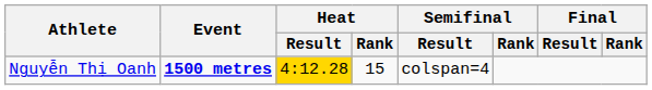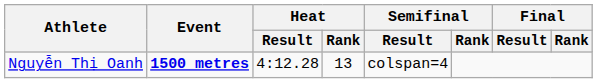 <table class="wikitable" style="font-size:90%">
 <tr>
 <th rowspan="2">Athlete</th>
 <th rowspan="2">Event</th>
 <th colspan="2">Heat</th>
 <th colspan="2">Semifinal</th>
 <th colspan="2">Final</th>
 </tr>
 <tr style="font-size:95%">
 <th>Result</th>
 <th>Rank</th>
 <th>Result</th>
 <th>Rank</th>
 <th>Result</th>
 <th>Rank</th>
 </tr>
 <tr align=center>
 <td align=left><a href='#'>Nguyễn Thị Oanh</a></td>
 <td align=left><strong><a href='#'>1500 metres</a></strong></td>
-<td style="background: gold;">4:12.28 </td>
-<td>15</td>
+<td>4:12.28 </td>
+<td>13</td>
 <td>colspan=4 </td>
 </tr>
 </table>
